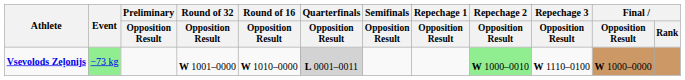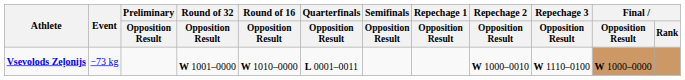 <table class="wikitable" style="font-size:90%">
 <tr>
 <th rowspan="2">Athlete</th>
 <th rowspan="2">Event</th>
 <th>Preliminary</th>
 <th>Round of 32</th>
 <th>Round of 16</th>
 <th>Quarterfinals</th>
 <th>Semifinals</th>
 <th>Repechage 1</th>
 <th>Repechage 2</th>
 <th>Repechage 3</th>
 <th colspan=2>Final / </th>
 </tr>
 <tr style="font-size:95%">
 <th>Opposition<br>Result</th>
 <th>Opposition<br>Result</th>
 <th>Opposition<br>Result</th>
 <th>Opposition<br>Result</th>
 <th>Opposition<br>Result</th>
 <th>Opposition<br>Result</th>
 <th>Opposition<br>Result</th>
 <th>Opposition<br>Result</th>
 <th>Opposition<br>Result</th>
 <th>Rank</th>
 </tr>
 <tr align=center>
 <td align=left><strong><a href='#'>Vsevolods Zeļonijs</a></strong></td>
-<td align=left style="background: lightgreen;"><a href='#'>−73 kg</a></td>
+<td align=left><a href='#'>−73 kg</a></td>
 <td></td>
 <td><br><strong>W</strong> 1001–0000</td>
 <td><br><strong>W</strong> 1010–0000</td>
-<td style="background: lightgrey;"><br><strong>L</strong> 0001–0011</td>
+<td><br><strong>L</strong> 0001–0011</td>
 <td></td>
 <td></td>
-<td style="background: lightgreen;"><br><strong>W</strong> 1000–0010</td>
+<td><br><strong>W</strong> 1000–0010</td>
 <td><br><strong>W</strong> 1110–0100</td>
 <td align="center" bgcolor='cc9966'><br><strong>W</strong> 1000–0000</td>
 <td align="center" bgcolor='cc9966'></td>
 </tr>
 </table>
